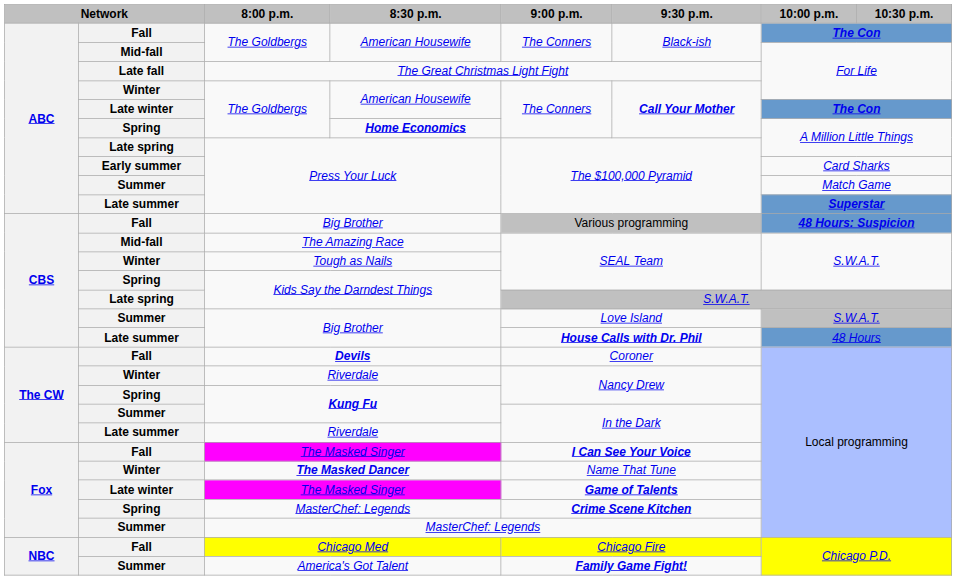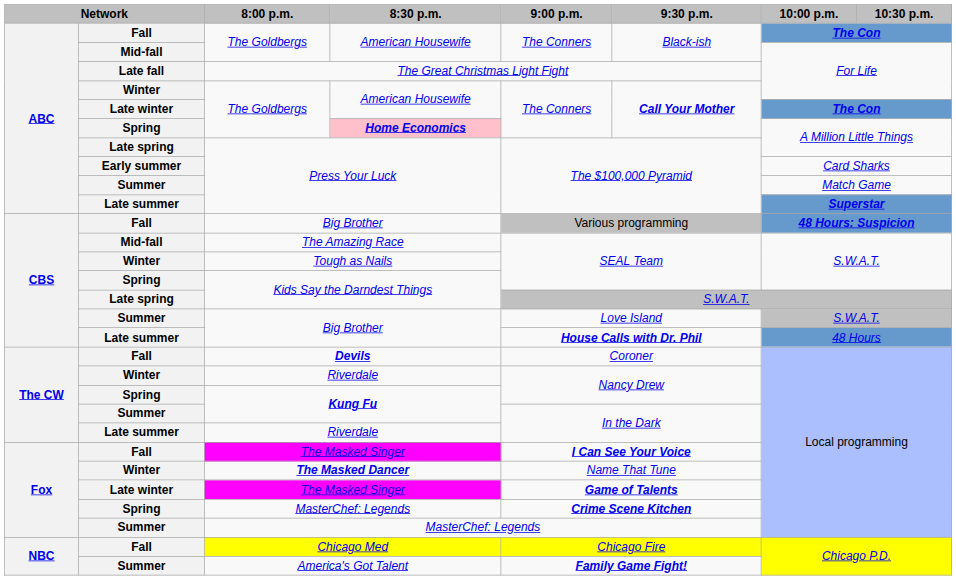 <table class="wikitable" style="width:100%;margin-right:0;text-align:center">
 <tr>
 <th colspan="2" style="background-color:#C0C0C0;text-align:center">Network</th>
 <th style="background-color:#C0C0C0;text-align:center">8:00 p.m.</th>
 <th style="background-color:#C0C0C0;text-align:center">8:30 p.m.</th>
 <th style="background-color:#C0C0C0;text-align:center">9:00 p.m.</th>
 <th style="background-color:#C0C0C0;text-align:center">9:30 p.m.</th>
 <th style="background-color:#C0C0C0;text-align:center">10:00 p.m.</th>
 <th style="background-color:#C0C0C0;text-align:center">10:30 p.m.</th>
 </tr>
 <tr>
 <th rowspan="10"><a href='#'>ABC</a></th>
 <th>Fall</th>
 <td rowspan="2"><em><a href='#'>The Goldbergs</a></em></td>
 <td rowspan="2"><em><a href='#'>American Housewife</a></em></td>
 <td rowspan="2"><em><a href='#'>The Conners</a></em></td>
 <td rowspan="2"><em><a href='#'>Black-ish</a></em></td>
 <td colspan="2" style="background:#6699CC;"><strong><em><a href='#'>The Con</a></em></strong></td>
 </tr>
 <tr>
 <th>Mid-fall</th>
 <td rowspan="3" colspan="2"><em><a href='#'>For Life</a></em></td>
 </tr>
 <tr>
 <th>Late fall</th>
 <td colspan="4"><em><a href='#'>The Great Christmas Light Fight</a></em></td>
 </tr>
 <tr>
 <th>Winter</th>
 <td rowspan="3"><em><a href='#'>The Goldbergs</a></em></td>
 <td rowspan="2"><em><a href='#'>American Housewife</a></em></td>
 <td rowspan="3"><em><a href='#'>The Conners</a></em></td>
 <td rowspan="3"><strong><em><a href='#'>Call Your Mother</a></em></strong></td>
 </tr>
 <tr>
 <th>Late winter</th>
 <td colspan="2" style="background:#6699CC;"><strong><em><a href='#'>The Con</a></em></strong></td>
 </tr>
 <tr>
 <th>Spring</th>
-<td><strong><em><a href='#'>Home Economics</a></em></strong></td>
+<td style="background: pink;"><strong><em><a href='#'>Home Economics</a></em></strong></td>
 <td colspan="2" rowspan="2"><em><a href='#'>A Million Little Things</a></em></td>
 </tr>
 <tr>
 <th>Late spring</th>
 <td colspan="2" rowspan="4"><em><a href='#'>Press Your Luck</a></em></td>
 <td colspan="2" rowspan="4"><em><a href='#'>The $100,000 Pyramid</a></em></td>
 </tr>
 <tr>
 <th>Early summer</th>
 <td colspan="2"><em><a href='#'>Card Sharks</a></em></td>
 </tr>
 <tr>
 <th>Summer</th>
 <td colspan="2"><em><a href='#'>Match Game</a></em></td>
 </tr>
 <tr>
 <th>Late summer</th>
 <td colspan="2" style="background:#6699CC;"><strong><em><a href='#'>Superstar</a></em></strong></td>
 </tr>
 <tr>
 <th rowspan="7"><a href='#'>CBS</a></th>
 <th>Fall</th>
 <td colspan="2"><em><a href='#'>Big Brother</a></em></td>
 <td colspan="2" style="background:#C0C0C0;">Various programming</td>
 <td colspan="2" style="background:#6699CC;"><strong><em><a href='#'>48 Hours: Suspicion</a></em></strong></td>
 </tr>
 <tr>
 <th>Mid-fall</th>
 <td colspan="2"><em><a href='#'>The Amazing Race</a></em></td>
 <td rowspan="3" colspan="2"><em><a href='#'>SEAL Team</a></em></td>
 <td rowspan="3" colspan="2"><em><a href='#'>S.W.A.T.</a></em></td>
 </tr>
 <tr>
 <th>Winter</th>
 <td colspan="2"><em><a href='#'>Tough as Nails</a></em></td>
 </tr>
 <tr>
 <th>Spring</th>
 <td rowspan="2" colspan="2"><em><a href='#'>Kids Say the Darndest Things</a></em></td>
 </tr>
 <tr>
 <th>Late spring</th>
 <td colspan="4" style="background:#C0C0C0;"><em><a href='#'>S.W.A.T.</a></em> </td>
 </tr>
 <tr>
 <th>Summer</th>
 <td rowspan="2" colspan="2"><em><a href='#'>Big Brother</a></em></td>
 <td colspan="2"><em><a href='#'>Love Island</a></em></td>
 <td colspan="2" style="background:#C0C0C0;"><em><a href='#'>S.W.A.T.</a></em> </td>
 </tr>
 <tr>
 <th>Late summer</th>
 <td colspan="2"><strong><em><a href='#'>House Calls with Dr. Phil</a></em></strong></td>
 <td colspan="2" style="background:#6699CC;"><em><a href='#'>48 Hours</a></em></td>
 </tr>
 <tr>
 <th rowspan="5"><a href='#'>The CW</a></th>
 <th>Fall</th>
 <td colspan="2"><strong><em><a href='#'>Devils</a></em></strong></td>
 <td colspan="2"><em><a href='#'>Coroner</a></em></td>
 <td colspan="2" rowspan="10" style="background:#abbfff;">Local programming</td>
 </tr>
 <tr>
 <th>Winter</th>
 <td colspan="2"><em><a href='#'>Riverdale</a></em></td>
 <td rowspan="2" colspan="2"><em><a href='#'>Nancy Drew</a></em></td>
 </tr>
 <tr>
 <th>Spring</th>
 <td rowspan="2" colspan="2"><strong><em><a href='#'>Kung Fu</a></em></strong></td>
 </tr>
 <tr>
 <th>Summer</th>
 <td rowspan="2" colspan="2"><em><a href='#'>In the Dark</a></em></td>
 </tr>
 <tr>
 <th>Late summer</th>
 <td colspan="2"><em><a href='#'>Riverdale</a></em></td>
 </tr>
 <tr>
 <th rowspan="5"><a href='#'>Fox</a></th>
 <th>Fall</th>
 <td colspan="2" style="background:#FF00FF;"><em><a href='#'>The Masked Singer</a></em> </td>
 <td colspan="2"><strong><em><a href='#'>I Can See Your Voice</a></em></strong></td>
 </tr>
 <tr>
 <th>Winter</th>
 <td colspan="2"><strong><em><a href='#'>The Masked Dancer</a></em></strong></td>
 <td colspan="2"><em><a href='#'>Name That Tune</a></em></td>
 </tr>
 <tr>
 <th>Late winter</th>
 <td colspan="2" style="background:#FF00FF;"><em><a href='#'>The Masked Singer</a></em> </td>
 <td colspan="2"><strong><em><a href='#'>Game of Talents</a></em></strong></td>
 </tr>
 <tr>
 <th>Spring</th>
 <td colspan="2"><em><a href='#'>MasterChef: Legends</a></em></td>
 <td colspan="2"><strong><em><a href='#'>Crime Scene Kitchen</a></em></strong></td>
 </tr>
 <tr>
 <th>Summer</th>
 <td colspan="4"><em><a href='#'>MasterChef: Legends</a></em></td>
 </tr>
 <tr>
 <th rowspan="2"><a href='#'>NBC</a></th>
 <th>Fall</th>
 <td colspan="2" style="background:#FFFF00;"><em><a href='#'>Chicago Med</a></em> </td>
 <td colspan="2" style="background:#FFFF00;"><em><a href='#'>Chicago Fire</a></em> </td>
 <td colspan="2" rowspan="2" style="background:#FFFF00;"><em><a href='#'>Chicago P.D.</a></em> </td>
 </tr>
 <tr>
 <th>Summer</th>
 <td colspan="2"><em><a href='#'>America's Got Talent</a></em></td>
 <td colspan="2"><strong><em><a href='#'>Family Game Fight!</a></em></strong></td>
 </tr>
 </table>
